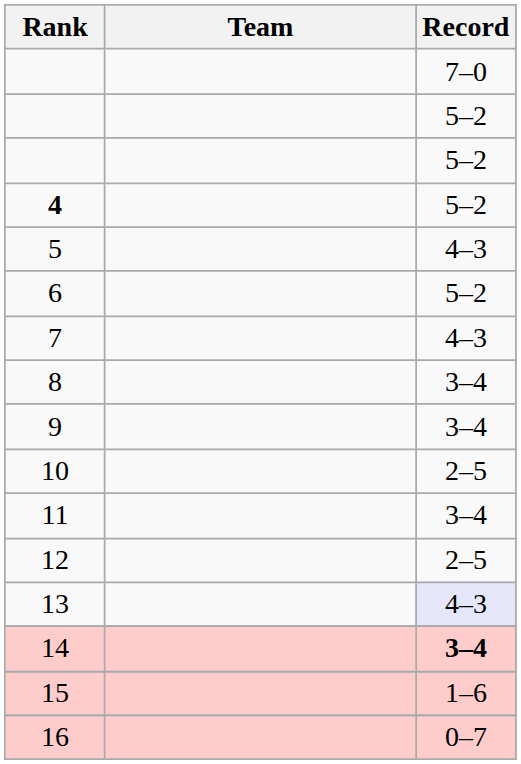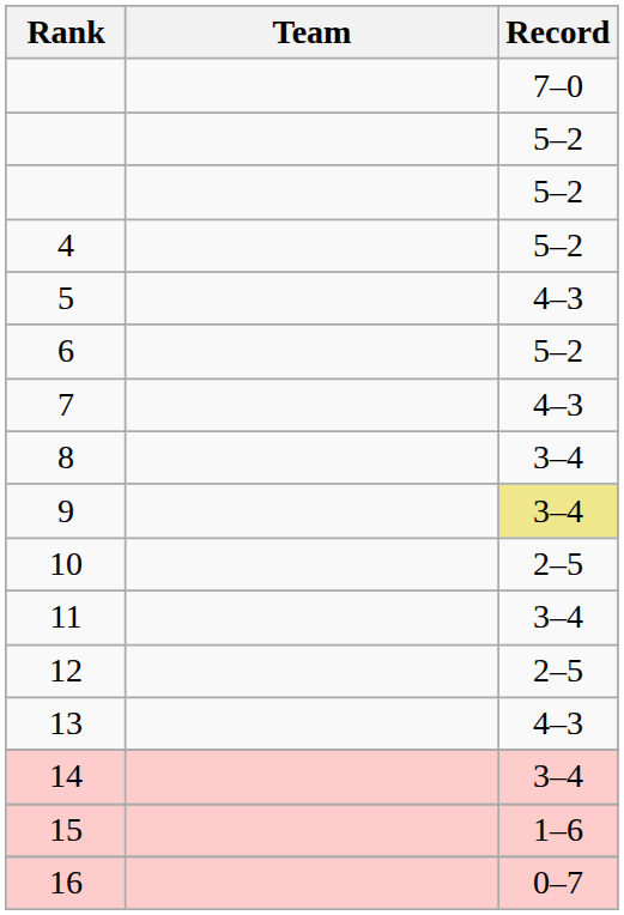 <table class="wikitable" style="text-align: center">
 <tr>
 <th width=50>Rank</th>
 <th width=170>Team</th>
 <th width=50>Record</th>
 </tr>
 <tr>
 <td></td>
 <td align=left></td>
 <td>7–0</td>
 </tr>
 <tr>
 <td></td>
 <td align=left></td>
 <td>5–2</td>
 </tr>
 <tr>
 <td></td>
 <td align=left></td>
 <td>5–2</td>
 </tr>
 <tr>
-<td><strong>4</strong></td>
+<td>4</td>
 <td align=left></td>
 <td>5–2</td>
 </tr>
 <tr>
 <td>5</td>
 <td align=left></td>
 <td>4–3</td>
 </tr>
 <tr>
 <td>6</td>
 <td align=left></td>
 <td>5–2</td>
 </tr>
 <tr>
 <td>7</td>
 <td align=left></td>
 <td>4–3</td>
 </tr>
 <tr>
 <td>8</td>
 <td align=left></td>
 <td>3–4</td>
 </tr>
 <tr>
 <td>9</td>
 <td align=left></td>
-<td>3–4</td>
+<td style="background: khaki;">3–4</td>
 </tr>
 <tr>
 <td>10</td>
 <td align=left></td>
 <td>2–5</td>
 </tr>
 <tr>
 <td>11</td>
 <td align=left></td>
 <td>3–4</td>
 </tr>
 <tr>
 <td>12</td>
 <td align=left></td>
 <td>2–5</td>
 </tr>
 <tr>
 <td>13</td>
 <td align=left></td>
-<td style="background: lavender;">4–3</td>
+<td>4–3</td>
 </tr>
 <tr>
 </tr>
 <tr bgcolor=#ffcccc>
 <td>14</td>
 <td align=left></td>
-<td><strong>3–4</strong></td>
+<td>3–4</td>
 </tr>
 <tr>
 </tr>
 <tr bgcolor=#ffcccc>
 <td>15</td>
 <td align=left></td>
 <td>1–6</td>
 </tr>
 <tr>
 </tr>
 <tr bgcolor=#ffcccc>
 <td>16</td>
 <td align=left></td>
 <td>0–7</td>
 </tr>
 </table>
